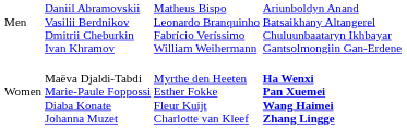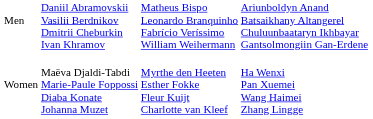 <table>
 <tr>
 <td>Men<br></td>
 <td><br><a href='#'>Daniil Abramovskii</a><br><a href='#'>Vasilii Berdnikov</a><br><a href='#'>Dmitrii Cheburkin</a><br><a href='#'>Ivan Khramov</a></td>
 <td><br><a href='#'>Matheus Bispo</a><br><a href='#'>Leonardo Branquinho</a><br><a href='#'>Fabrício Veríssimo</a><br><a href='#'>William Weihermann</a></td>
 <td><br><a href='#'>Ariunboldyn Anand</a><br><a href='#'>Batsaikhany Altangerel</a><br><a href='#'>Chuluunbaataryn Ikhbayar</a><br><a href='#'>Gantsolmongiin Gan-Erdene</a></td>
 </tr>
 <tr>
 <td>Women<br></td>
 <td><br>Maëva Djaldi-Tabdi<br><a href='#'>Marie-Paule Foppossi</a><br><a href='#'>Diaba Konate</a><br><a href='#'>Johanna Muzet </a></td>
 <td><br><a href='#'>Myrthe den Heeten</a><br><a href='#'>Esther Fokke</a><br><a href='#'>Fleur Kuijt</a><br><a href='#'>Charlotte van Kleef</a></td>
-<td><strong><br><a href='#'>Ha Wenxi</a><br><a href='#'>Pan Xuemei</a><br><a href='#'>Wang Haimei</a><br><a href='#'>Zhang Lingge</a></strong></td>
+<td><br><a href='#'>Ha Wenxi</a><br><a href='#'>Pan Xuemei</a><br><a href='#'>Wang Haimei</a><br><a href='#'>Zhang Lingge</a></td>
 </tr>
 </table>
